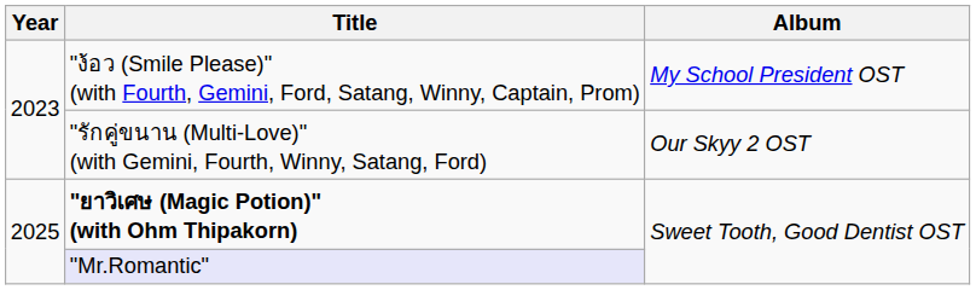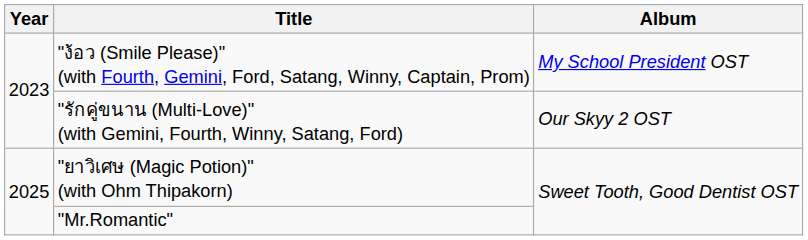 <table class="wikitable">
 <tr>
 <th>Year</th>
 <th>Title</th>
 <th>Album</th>
 </tr>
 <tr>
 <td rowspan="2">2023</td>
 <td>"ง้อว (Smile Please)"<br><span>(with <a href='#'>Fourth</a>, <a href='#'>Gemini</a>, Ford, Satang, Winny, Captain, Prom)</span></td>
 <td><em><a href='#'>My School President</a> OST</em></td>
 </tr>
 <tr>
 <td>"รักคู่ขนาน (Multi-Love)"<br><span>(with Gemini, Fourth, Winny, Satang, Ford)</span></td>
 <td><em>Our Skyy 2 OST</em></td>
 </tr>
 <tr>
 <td rowspan="2">2025</td>
-<td><strong>"ยาวิเศษ (Magic Potion)"<br><span>(with Ohm Thipakorn)</span></strong></td>
+<td>"ยาวิเศษ (Magic Potion)"<br><span>(with Ohm Thipakorn)</span></td>
 <td rowspan="2"><em>Sweet Tooth, Good Dentist OST</em></td>
 </tr>
 <tr>
-<td style="background: lavender;">"Mr.Romantic"</td>
+<td>"Mr.Romantic"</td>
 </tr>
 </table>
